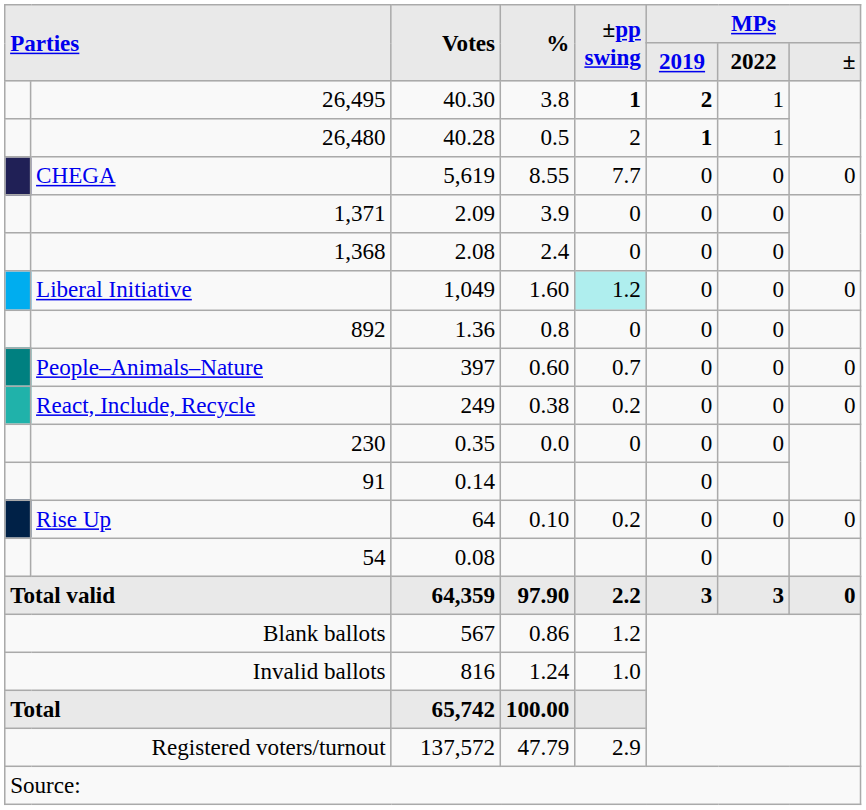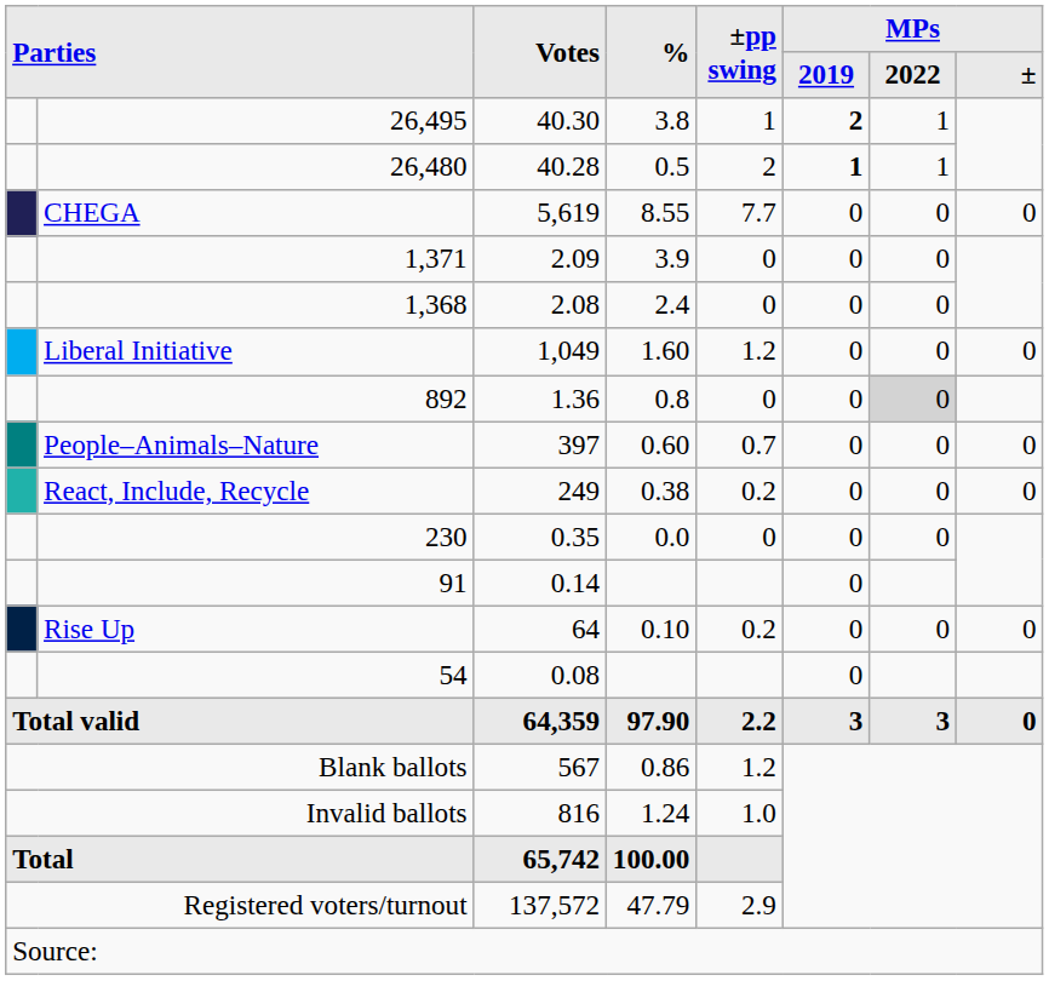 <table class="wikitable" style="text-align:right; font-size:95%;">
 <tr>
 <th rowspan="2" colspan="2" style="background:#e9e9e9; text-align:left;" alignleft><a href='#'>Parties</a></th>
 <th rowspan="2" style="background:#e9e9e9; text-align:right;">Votes</th>
 <th rowspan="2" style="background:#e9e9e9; text-align:right;">%</th>
 <th rowspan="2" style="background:#e9e9e9; text-align:right;">±<a href='#'>pp</a> <a href='#'>swing</a></th>
 <th colspan="3" style="background:#e9e9e9; text-align:center;"><a href='#'>MPs</a></th>
 </tr>
 <tr style="background-color:#E9E9E9">
 <th style="background-color:#E9E9E9;text-align:center;"><a href='#'>2019</a></th>
 <th style="background-color:#E9E9E9;text-align:center;">2022</th>
 <th style="background:#e9e9e9; text-align:right;">±</th>
 </tr>
 <tr>
 <td></td>
 <td>26,495</td>
 <td>40.30</td>
 <td>3.8</td>
-<td><strong>1</strong></td>
+<td>1</td>
 <td><strong>2</strong></td>
 <td>1</td>
 </tr>
 <tr>
 <td></td>
 <td>26,480</td>
 <td>40.28</td>
 <td>0.5</td>
 <td>2</td>
 <td><strong>1</strong></td>
 <td>1</td>
 </tr>
 <tr>
 <td style="width: 10px" bgcolor="#202056" align="center"></td>
 <td align="left"><a href='#'>CHEGA</a></td>
 <td>5,619</td>
 <td>8.55</td>
 <td>7.7</td>
 <td>0</td>
 <td>0</td>
 <td>0</td>
 </tr>
 <tr>
 <td></td>
 <td>1,371</td>
 <td>2.09</td>
 <td>3.9</td>
 <td>0</td>
 <td>0</td>
 <td>0</td>
 </tr>
 <tr>
 <td></td>
 <td>1,368</td>
 <td>2.08</td>
 <td>2.4</td>
 <td>0</td>
 <td>0</td>
 <td>0</td>
 </tr>
 <tr>
 <td style="width: 10px" bgcolor="#00ADEF" align="center"></td>
 <td align="left"><a href='#'>Liberal Initiative</a></td>
 <td>1,049</td>
 <td>1.60</td>
-<td style="background: paleturquoise;">1.2</td>
+<td>1.2</td>
 <td>0</td>
 <td>0</td>
 <td>0</td>
 </tr>
 <tr>
 <td></td>
 <td>892</td>
 <td>1.36</td>
 <td>0.8</td>
 <td>0</td>
 <td>0</td>
-<td>0</td>
+<td style="background: lightgrey;">0</td>
 </tr>
 <tr>
 <td style="width: 10px" bgcolor="teal" align="center"></td>
 <td align="left"><a href='#'>People–Animals–Nature</a></td>
 <td>397</td>
 <td>0.60</td>
 <td>0.7</td>
 <td>0</td>
 <td>0</td>
 <td>0</td>
 </tr>
 <tr>
 <td style="width: 10px" bgcolor="LightSeaGreen" align="center"></td>
 <td align="left"><a href='#'>React, Include, Recycle</a></td>
 <td>249</td>
 <td>0.38</td>
 <td>0.2</td>
 <td>0</td>
 <td>0</td>
 <td>0</td>
 </tr>
 <tr>
 <td></td>
 <td>230</td>
 <td>0.35</td>
 <td>0.0</td>
 <td>0</td>
 <td>0</td>
 <td>0</td>
 </tr>
 <tr>
 <td></td>
 <td>91</td>
 <td>0.14</td>
 <td></td>
 <td></td>
 <td>0</td>
 <td></td>
 </tr>
 <tr>
 <td style="width: 10px" bgcolor="#002147" align="center"></td>
 <td align="left"><a href='#'>Rise Up</a></td>
 <td>64</td>
 <td>0.10</td>
 <td>0.2</td>
 <td>0</td>
 <td>0</td>
 <td>0</td>
 </tr>
 <tr>
 <td></td>
 <td>54</td>
 <td>0.08</td>
 <td></td>
 <td></td>
 <td>0</td>
 <td></td>
 </tr>
 <tr>
 <td colspan=2 width="247" align=left style="background-color:#E9E9E9"><strong>Total valid</strong></td>
 <td width="65" align="right" style="background-color:#E9E9E9"><strong>64,359</strong></td>
 <td width="40" align="right" style="background-color:#E9E9E9"><strong>97.90</strong></td>
 <td width="40" align="right" style="background-color:#E9E9E9"><strong>2.2</strong></td>
 <td width="40" align="right" style="background-color:#E9E9E9"><strong>3</strong></td>
 <td width="40" align="right" style="background-color:#E9E9E9"><strong>3</strong></td>
 <td width="40" align="right" style="background-color:#E9E9E9"><strong>0</strong></td>
 </tr>
 <tr>
 <td colspan=2>Blank ballots</td>
 <td>567</td>
 <td>0.86</td>
 <td>1.2</td>
 <td colspan=4 rowspan=4></td>
 </tr>
 <tr>
 <td colspan=2>Invalid ballots</td>
 <td>816</td>
 <td>1.24</td>
 <td>1.0</td>
 </tr>
 <tr>
 <td colspan=2 align=left style="background-color:#E9E9E9"><strong>Total</strong></td>
 <td width="50" align="right" style="background-color:#E9E9E9"><strong>65,742</strong></td>
 <td width="40" align="right" style="background-color:#E9E9E9"><strong>100.00</strong></td>
 <td width="40" align="right" style="background-color:#E9E9E9"></td>
 </tr>
 <tr>
 <td colspan=2>Registered voters/turnout</td>
 <td>137,572</td>
 <td>47.79</td>
 <td>2.9</td>
 </tr>
 <tr>
 <td colspan=11 align=left>Source: </td>
 </tr>
 </table>
